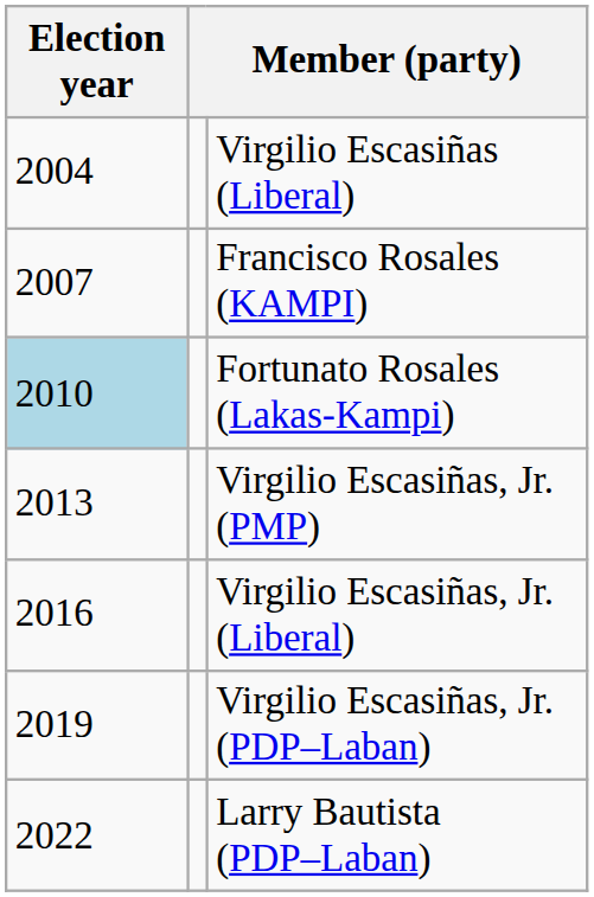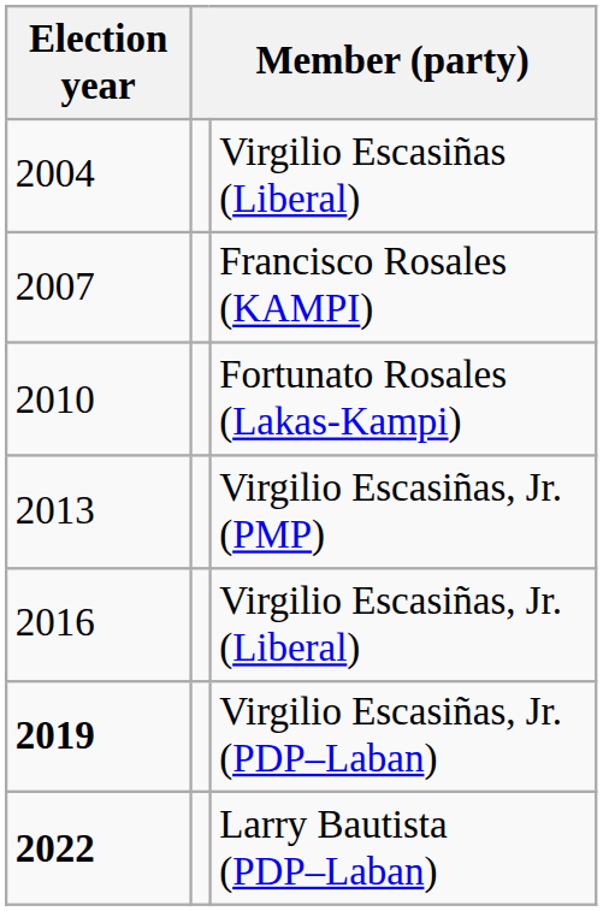 <table class=wikitable style="font-size:90%">
 <tr>
 <th width=60px>Election<br>year</th>
 <th colspan=2 width=140px>Member (party)</th>
 </tr>
 <tr>
 <td>2004</td>
 <td bgcolor=></td>
 <td>Virgilio Escasiñas<br>(<a href='#'>Liberal</a>)</td>
 </tr>
 <tr>
 <td>2007</td>
 <td bgcolor=></td>
 <td>Francisco Rosales<br>(<a href='#'>KAMPI</a>)</td>
 </tr>
 <tr>
-<td style="background: lightblue;">2010</td>
+<td>2010</td>
 <td bgcolor=></td>
 <td>Fortunato Rosales<br>(<a href='#'>Lakas-Kampi</a>)</td>
 </tr>
 <tr>
 <td>2013</td>
 <td bgcolor=></td>
 <td>Virgilio Escasiñas, Jr.<br>(<a href='#'>PMP</a>)</td>
 </tr>
 <tr>
 <td>2016</td>
 <td bgcolor=></td>
 <td>Virgilio Escasiñas, Jr.<br>(<a href='#'>Liberal</a>)</td>
 </tr>
 <tr>
-<td>2019</td>
+<td><strong>2019</strong></td>
 <td bgcolor=></td>
 <td>Virgilio Escasiñas, Jr.<br>(<a href='#'>PDP–Laban</a>)</td>
 </tr>
 <tr>
-<td>2022</td>
+<td><strong>2022</strong></td>
 <td bgcolor=></td>
 <td>Larry Bautista<br>(<a href='#'>PDP–Laban</a>)</td>
 </tr>
 </table>
